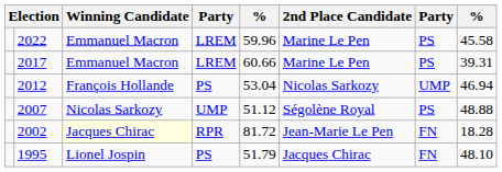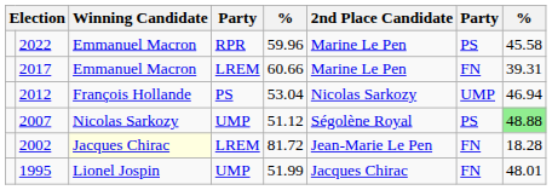 <table class="wikitable">
 <tr>
 <th colspan="2">Election</th>
 <th>Winning Candidate</th>
 <th>Party</th>
 <th>%</th>
 <th>2nd Place Candidate</th>
 <th>Party</th>
 <th>%</th>
 </tr>
 <tr>
 <td style="background-color: "></td>
 <td><a href='#'>2022</a></td>
 <td><a href='#'>Emmanuel Macron</a></td>
-<td><a href='#'>LREM</a></td>
+<td><a href='#'>RPR</a></td>
 <td>59.96</td>
 <td><a href='#'>Marine Le Pen</a></td>
 <td><a href='#'>PS</a></td>
 <td>45.58</td>
 </tr>
 <tr>
 <td style="background-color: "></td>
 <td><a href='#'>2017</a></td>
 <td><a href='#'>Emmanuel Macron</a></td>
 <td><a href='#'>LREM</a></td>
 <td>60.66</td>
 <td><a href='#'>Marine Le Pen</a></td>
-<td><a href='#'>PS</a></td>
+<td><a href='#'>FN</a></td>
 <td>39.31</td>
 </tr>
 <tr>
 <td style="background-color: "></td>
 <td><a href='#'>2012</a></td>
 <td><a href='#'>François Hollande</a></td>
 <td><a href='#'>PS</a></td>
 <td>53.04</td>
 <td><a href='#'>Nicolas Sarkozy</a></td>
 <td><a href='#'>UMP</a></td>
 <td>46.94</td>
 </tr>
 <tr>
 <td style="background-color: "></td>
 <td><a href='#'>2007</a></td>
 <td><a href='#'>Nicolas Sarkozy</a></td>
 <td><a href='#'>UMP</a></td>
 <td>51.12</td>
 <td><a href='#'>Ségolène Royal</a></td>
 <td><a href='#'>PS</a></td>
-<td>48.88</td>
+<td style="background: lightgreen;">48.88</td>
 </tr>
 <tr>
 <td style="background-color: "></td>
 <td><a href='#'>2002</a></td>
 <td style="background: lightyellow;"><a href='#'>Jacques Chirac</a></td>
-<td><a href='#'>RPR</a></td>
+<td><a href='#'>LREM</a></td>
 <td>81.72</td>
 <td><a href='#'>Jean-Marie Le Pen</a></td>
 <td><a href='#'>FN</a></td>
 <td>18.28</td>
 </tr>
 <tr>
 <td style="background-color: "></td>
 <td><a href='#'>1995</a></td>
 <td><a href='#'>Lionel Jospin</a></td>
-<td><a href='#'>PS</a></td>
-<td>51.79</td>
+<td><a href='#'>UMP</a></td>
+<td>51.99</td>
 <td><a href='#'>Jacques Chirac</a></td>
 <td><a href='#'>FN</a></td>
-<td>48.10</td>
+<td>48.01</td>
 </tr>
 </table>
